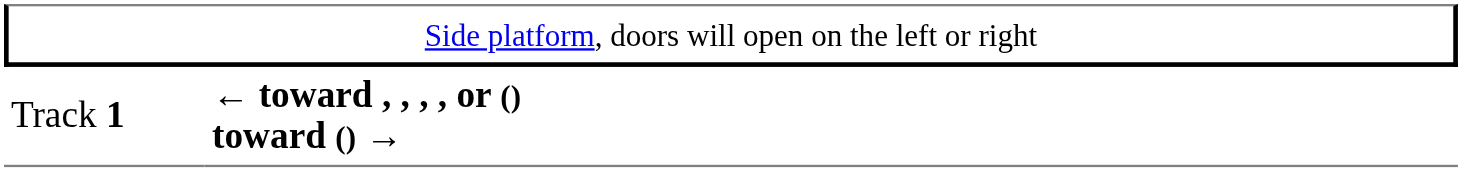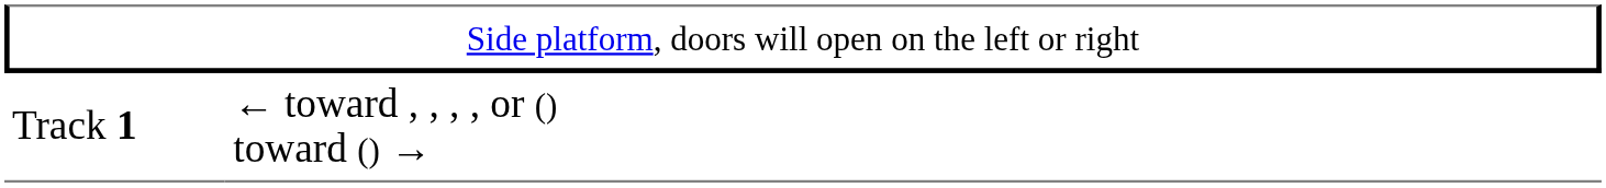 <table border=0 cellspacing=0 cellpadding=3>
 <tr>
 <td style="border-top:solid 1px gray;border-right:solid 2px black;border-left:solid 2px black;border-bottom:solid 2px black;text-align:center;" colspan=2><small><a href='#'>Side platform</a>, doors will open on the left or right</small> </td>
 </tr>
 <tr>
 <td style="border-bottom:solid 1px gray;" width=100>Track <strong>1</strong></td>
-<td style="border-bottom:solid 1px gray;" width=750><strong>←  toward , , , , or  <small>()</small><br>  toward  <small>()</small> →</strong></td>
+<td style="border-bottom:solid 1px gray;" width=750>←  toward , , , , or  <small>()</small><br>  toward  <small>()</small> →</td>
 </tr>
 </table>
